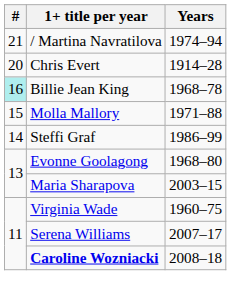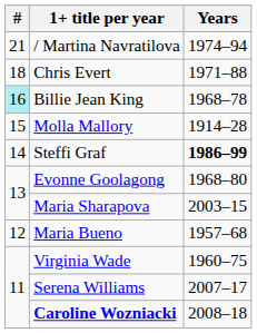 <table class=wikitable style="display:inline-table;">
 <tr>
 <th>#</th>
 <th>1+ title per year</th>
 <th>Years</th>
 </tr>
 <tr>
 <td>21</td>
 <td>/ Martina Navratilova</td>
 <td>1974–94</td>
 </tr>
 <tr>
-<td>20</td>
+<td>18</td>
 <td> Chris Evert</td>
-<td>1914–28</td>
+<td>1971–88</td>
 </tr>
 <tr>
 <td style="background: paleturquoise;">16</td>
 <td> Billie Jean King</td>
 <td>1968–78</td>
 </tr>
 <tr>
 <td>15</td>
 <td> <a href='#'>Molla Mallory</a></td>
-<td>1971–88</td>
+<td>1914–28</td>
 </tr>
 <tr>
 <td>14</td>
 <td> Steffi Graf</td>
-<td>1986–99</td>
+<td><strong>1986–99</strong></td>
 </tr>
 <tr>
 <td rowspan="2">13</td>
 <td> <a href='#'>Evonne Goolagong</a></td>
 <td>1968–80</td>
 </tr>
 <tr>
 <td> <a href='#'>Maria Sharapova</a></td>
 <td>2003–15</td>
+</tr>
+<tr>
+<td>12</td>
+<td> <a href='#'>Maria Bueno</a></td>
+<td>1957–68</td>
 </tr>
 <tr>
 <td rowspan="3">11</td>
 <td> <a href='#'>Virginia Wade</a></td>
 <td>1960–75</td>
 </tr>
 <tr>
 <td> <a href='#'>Serena Williams</a></td>
 <td>2007–17</td>
 </tr>
 <tr>
 <td> <strong><a href='#'>Caroline Wozniacki</a></strong></td>
 <td>2008–18</td>
 </tr>
 </table>
